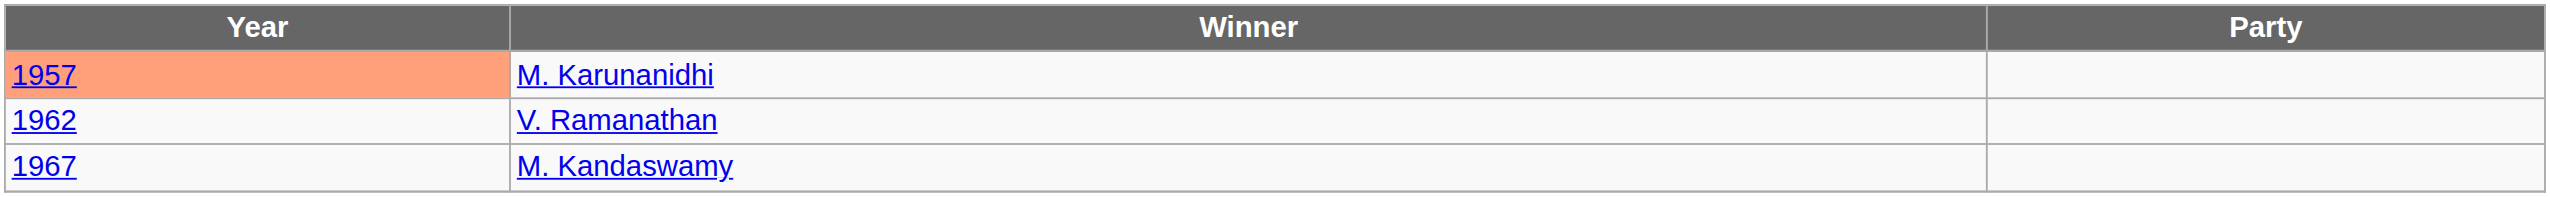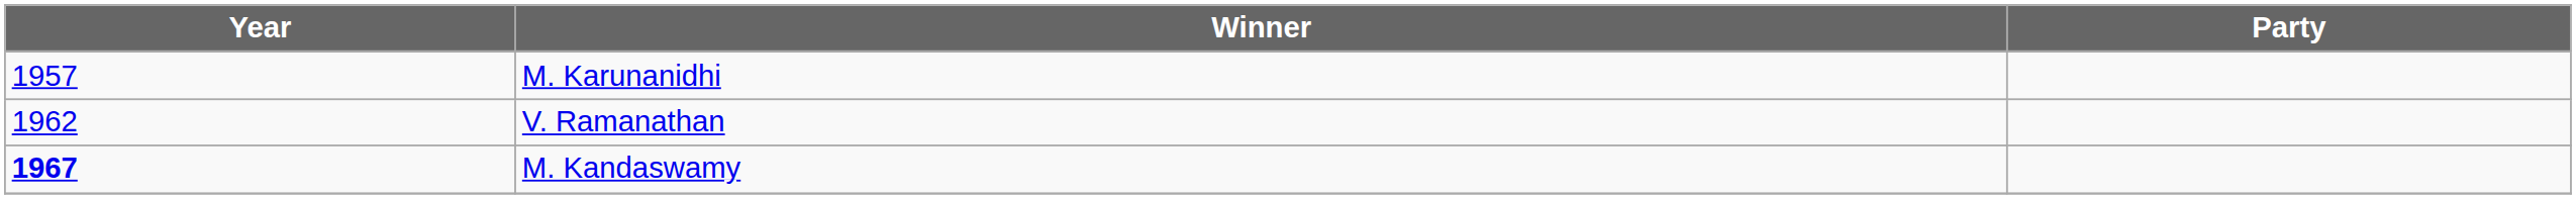 <table class="wikitable" width="70%">
 <tr>
 <th style="background-color:#666666; color:white">Year</th>
 <th style="background-color:#666666; color:white">Winner</th>
 <th style="background-color:#666666; color:white" colspan="2">Party</th>
 </tr>
 <tr>
-<td style="background: lightsalmon;"><a href='#'>1957</a></td>
+<td><a href='#'>1957</a></td>
 <td><a href='#'>M. Karunanidhi</a></td>
 <td></td>
 </tr>
 <tr>
 <td><a href='#'>1962</a></td>
 <td><a href='#'>V. Ramanathan</a></td>
 <td></td>
 </tr>
 <tr>
-<td><a href='#'>1967</a></td>
+<td><strong><a href='#'>1967</a></strong></td>
 <td><a href='#'>M. Kandaswamy</a></td>
 <td></td>
 </tr>
 <tr>
 </tr>
 </table>
